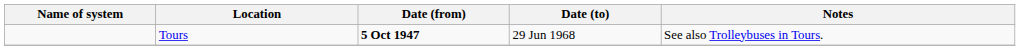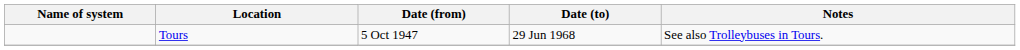 <table class="wikitable" width=100%>
 <tr>
 <th width=15%>Name of system</th>
 <th width=20%>Location</th>
 <th width=15%>Date (from)</th>
 <th width=15%>Date (to)</th>
 <th width=35%>Notes</th>
 </tr>
 <tr>
 <td> </td>
 <td><a href='#'>Tours</a></td>
-<td><strong>5 Oct 1947</strong></td>
+<td>5 Oct 1947</td>
 <td>29 Jun 1968</td>
 <td>See also <a href='#'>Trolleybuses in Tours</a>.</td>
 </tr>
 <tr>
 </tr>
 </table>
